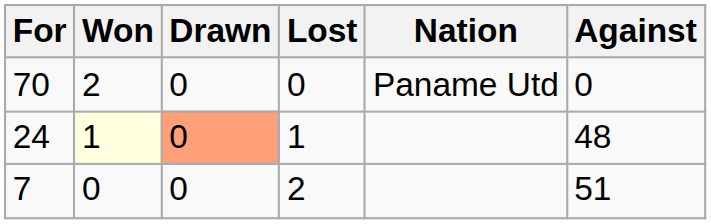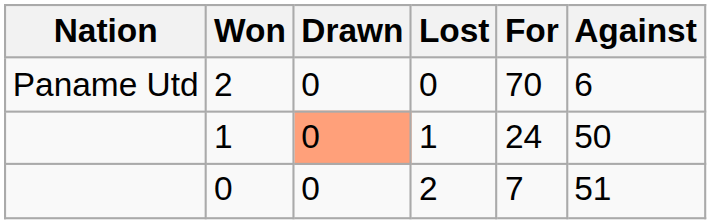 <table class="wikitable">
 <tr>
-<th>For</th>
+<th>Nation</th>
 <th>Won</th>
 <th>Drawn</th>
 <th>Lost</th>
-<th>Nation</th>
+<th>For</th>
 <th>Against</th>
 </tr>
 <tr>
-<td>70</td>
+<td>Paname Utd</td>
 <td>2</td>
 <td>0</td>
 <td>0</td>
-<td>Paname Utd</td>
-<td>0</td>
+<td>70</td>
+<td>6</td>
 </tr>
 <tr>
-<td>24</td>
-<td style="background: lightyellow;">1</td>
+<td></td>
+<td>1</td>
 <td style="background: lightsalmon;">0</td>
 <td>1</td>
-<td></td>
-<td>48</td>
+<td>24</td>
+<td>50</td>
 </tr>
 <tr>
-<td>7</td>
+<td></td>
 <td>0</td>
 <td>0</td>
 <td>2</td>
-<td></td>
+<td>7</td>
 <td>51</td>
 </tr>
 </table>
